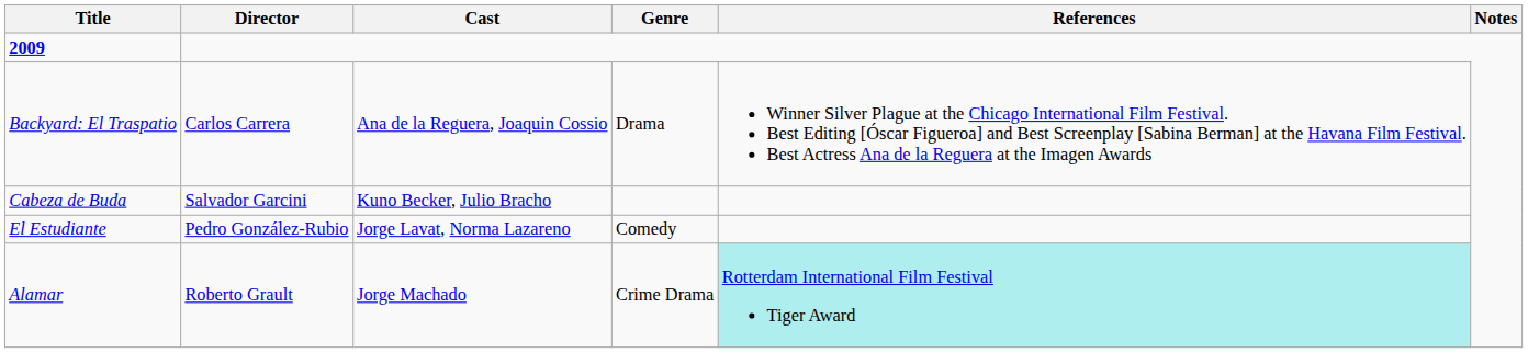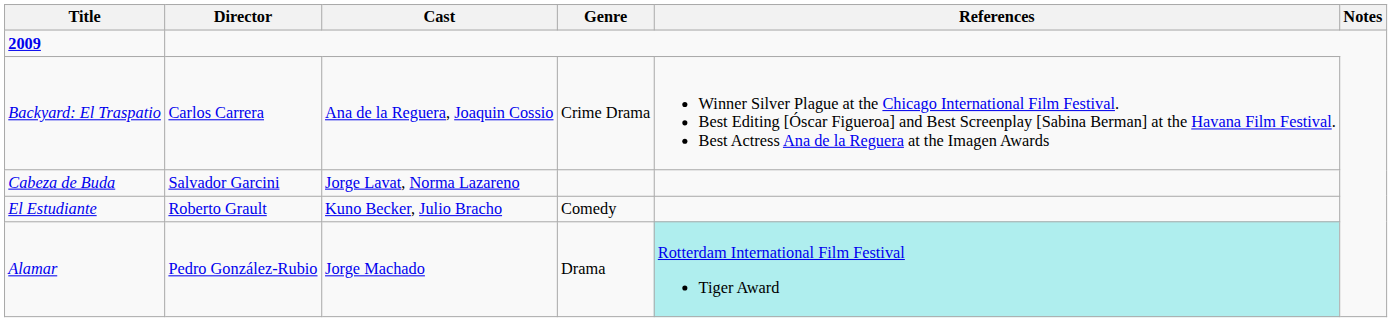 <table class="wikitable">
 <tr>
 <th>Title</th>
 <th>Director</th>
 <th>Cast</th>
 <th>Genre</th>
 <th>References</th>
 <th>Notes</th>
 </tr>
 <tr>
 <td><strong><a href='#'>2009</a></strong></td>
 </tr>
 <tr>
 <td><em><a href='#'>Backyard: El Traspatio</a></em> </td>
 <td><a href='#'>Carlos Carrera</a></td>
 <td><a href='#'>Ana de la Reguera</a>, <a href='#'>Joaquin Cossio</a></td>
-<td>Drama</td>
+<td>Crime Drama</td>
 <td><br><ul><li>Winner Silver Plague at the <a href='#'>Chicago International Film Festival</a>.</li><li>Best Editing [Óscar Figueroa]  and Best Screenplay [Sabina Berman] at the <a href='#'>Havana Film Festival</a>.</li><li>Best Actress <a href='#'>Ana de la Reguera</a> at the Imagen Awards</li></ul></td>
 </tr>
 <tr>
 <td><em><a href='#'>Cabeza de Buda</a></em></td>
 <td><a href='#'>Salvador Garcini</a></td>
-<td><a href='#'>Kuno Becker</a>, <a href='#'>Julio Bracho</a></td>
+<td><a href='#'>Jorge Lavat</a>, <a href='#'>Norma Lazareno</a></td>
 <td></td>
 <td></td>
 </tr>
 <tr>
 <td><em><a href='#'>El Estudiante</a></em></td>
-<td><a href='#'>Pedro González-Rubio</a></td>
-<td><a href='#'>Jorge Lavat</a>, <a href='#'>Norma Lazareno</a></td>
+<td><a href='#'>Roberto Grault</a></td>
+<td><a href='#'>Kuno Becker</a>, <a href='#'>Julio Bracho</a></td>
 <td>Comedy</td>
 <td></td>
 </tr>
 <tr>
 <td><em><a href='#'>Alamar</a></em></td>
-<td><a href='#'>Roberto Grault</a></td>
+<td><a href='#'>Pedro González-Rubio</a></td>
 <td><a href='#'>Jorge Machado</a></td>
-<td>Crime Drama</td>
+<td>Drama</td>
 <td style="background: paleturquoise;"><br><a href='#'>Rotterdam International Film Festival</a><ul><li>Tiger Award</li></ul></td>
 </tr>
 </table>
